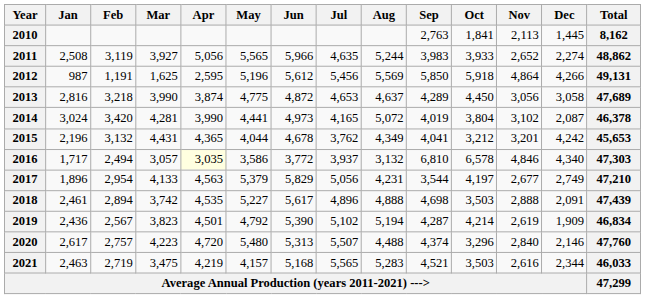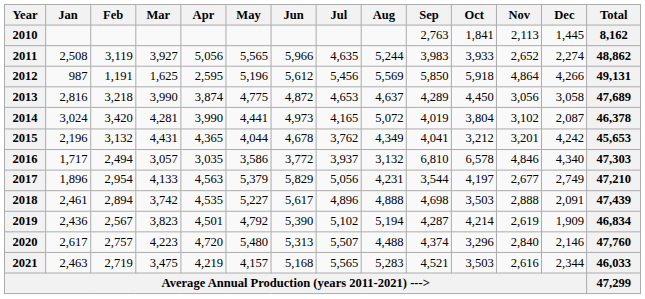 <table class=wikitable style="text-align:right; font-size:0.8em; width:650px;">
 <tr>
 <th>Year</th>
 <th>Jan</th>
 <th>Feb</th>
 <th>Mar</th>
 <th>Apr</th>
 <th>May</th>
 <th>Jun</th>
 <th>Jul</th>
 <th>Aug</th>
 <th>Sep</th>
 <th>Oct</th>
 <th>Nov</th>
 <th>Dec</th>
 <th>Total</th>
 </tr>
 <tr>
 <th>2010</th>
 <td></td>
 <td></td>
 <td></td>
 <td></td>
 <td></td>
 <td></td>
 <td></td>
 <td></td>
 <td>2,763</td>
 <td>1,841</td>
 <td>2,113</td>
 <td>1,445</td>
 <th>8,162</th>
 </tr>
 <tr>
 <th>2011</th>
 <td>2,508</td>
 <td>3,119</td>
 <td>3,927</td>
 <td>5,056</td>
 <td>5,565</td>
 <td>5,966</td>
 <td>4,635</td>
 <td>5,244</td>
 <td>3,983</td>
 <td>3,933</td>
 <td>2,652</td>
 <td>2,274</td>
 <th>48,862</th>
 </tr>
 <tr>
 <th>2012</th>
 <td>987</td>
 <td>1,191</td>
 <td>1,625</td>
 <td>2,595</td>
 <td>5,196</td>
 <td>5,612</td>
 <td>5,456</td>
 <td>5,569</td>
 <td>5,850</td>
 <td>5,918</td>
 <td>4,864</td>
 <td>4,266</td>
 <th>49,131</th>
 </tr>
 <tr>
 <th>2013</th>
 <td>2,816</td>
 <td>3,218</td>
 <td>3,990</td>
 <td>3,874</td>
 <td>4,775</td>
 <td>4,872</td>
 <td>4,653</td>
 <td>4,637</td>
 <td>4,289</td>
 <td>4,450</td>
 <td>3,056</td>
 <td>3,058</td>
 <th>47,689</th>
 </tr>
 <tr>
 <th>2014</th>
 <td>3,024</td>
 <td>3,420</td>
 <td>4,281</td>
 <td>3,990</td>
 <td>4,441</td>
 <td>4,973</td>
 <td>4,165</td>
 <td>5,072</td>
 <td>4,019</td>
 <td>3,804</td>
 <td>3,102</td>
 <td>2,087</td>
 <th>46,378</th>
 </tr>
 <tr>
 <th>2015</th>
 <td>2,196</td>
 <td>3,132</td>
 <td>4,431</td>
 <td>4,365</td>
 <td>4,044</td>
 <td>4,678</td>
 <td>3,762</td>
 <td>4,349</td>
 <td>4,041</td>
 <td>3,212</td>
 <td>3,201</td>
 <td>4,242</td>
 <th>45,653</th>
 </tr>
 <tr>
 <th>2016</th>
 <td>1,717</td>
 <td>2,494</td>
 <td>3,057</td>
-<td style="background: lightyellow;">3,035</td>
+<td>3,035</td>
 <td>3,586</td>
 <td>3,772</td>
 <td>3,937</td>
 <td>3,132</td>
 <td>6,810</td>
 <td>6,578</td>
 <td>4,846</td>
 <td>4,340</td>
 <th>47,303</th>
 </tr>
 <tr>
 <th>2017</th>
 <td>1,896</td>
 <td>2,954</td>
 <td>4,133</td>
 <td>4,563</td>
 <td>5,379</td>
 <td>5,829</td>
 <td>5,056</td>
 <td>4,231</td>
 <td>3,544</td>
 <td>4,197</td>
 <td>2,677</td>
 <td>2,749</td>
 <th>47,210</th>
 </tr>
 <tr>
 <th>2018</th>
 <td>2,461</td>
 <td>2,894</td>
 <td>3,742</td>
 <td>4,535</td>
 <td>5,227</td>
 <td>5,617</td>
 <td>4,896</td>
 <td>4,888</td>
 <td>4,698</td>
 <td>3,503</td>
 <td>2,888</td>
 <td>2,091</td>
 <th>47,439</th>
 </tr>
 <tr>
 <th>2019</th>
 <td>2,436</td>
 <td>2,567</td>
 <td>3,823</td>
 <td>4,501</td>
 <td>4,792</td>
 <td>5,390</td>
 <td>5,102</td>
 <td>5,194</td>
 <td>4,287</td>
 <td>4,214</td>
 <td>2,619</td>
 <td>1,909</td>
 <th>46,834</th>
 </tr>
 <tr>
 <th>2020</th>
 <td>2,617</td>
 <td>2,757</td>
 <td>4,223</td>
 <td>4,720</td>
 <td>5,480</td>
 <td>5,313</td>
 <td>5,507</td>
 <td>4,488</td>
 <td>4,374</td>
 <td>3,296</td>
 <td>2,840</td>
 <td>2,146</td>
 <th>47,760</th>
 </tr>
 <tr>
 <th>2021</th>
 <td>2,463</td>
 <td>2,719</td>
 <td>3,475</td>
 <td>4,219</td>
 <td>4,157</td>
 <td>5,168</td>
 <td>5,565</td>
 <td>5,283</td>
 <td>4,521</td>
 <td>3,503</td>
 <td>2,616</td>
 <td>2,344</td>
 <th>46,033</th>
 </tr>
 <tr>
 <th colspan=13>Average Annual Production (years 2011-2021) ---></th>
 <th>47,299</th>
 </tr>
 </table>
